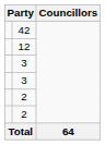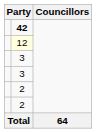 <table class="wikitable">
 <tr>
 <th colspan=2>Party</th>
 <th>Councillors</th>
 </tr>
 <tr>
 <td></td>
-<td align="center">42</td>
+<td align="center"><strong>42</strong></td>
 </tr>
 <tr>
 <td></td>
-<td align="center">12</td>
+<td align="center" style="background: lightyellow;">12</td>
 </tr>
 <tr>
 <td></td>
 <td align="center">3</td>
 </tr>
 <tr>
 <td></td>
 <td align="center">3</td>
 </tr>
 <tr>
 <td></td>
 <td align="center">2</td>
 </tr>
 <tr>
 <td></td>
 <td align="center">2</td>
 </tr>
 <tr>
 <th colspan=2>Total</th>
 <th align=center>64</th>
 </tr>
 </table>
